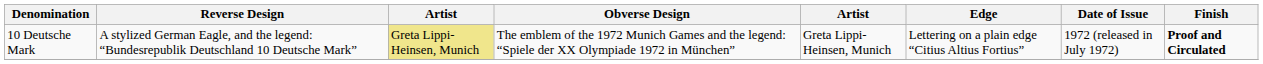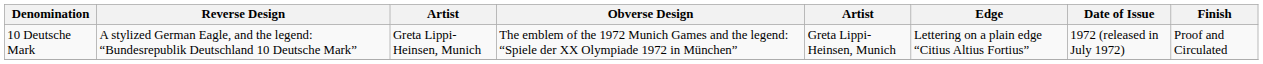 <table class="wikitable">
 <tr>
 <th>Denomination</th>
 <th>Reverse Design</th>
 <th>Artist</th>
 <th>Obverse Design</th>
 <th>Artist</th>
 <th>Edge</th>
 <th>Date of Issue</th>
 <th>Finish</th>
 </tr>
 <tr>
 <td>10 Deutsche Mark</td>
 <td>A stylized German Eagle, and the legend: “Bundesrepublik Deutschland 10 Deutsche Mark”</td>
-<td style="background: khaki;">Greta Lippi-Heinsen, Munich</td>
+<td>Greta Lippi-Heinsen, Munich</td>
 <td>The emblem of the 1972 Munich Games and the legend: “Spiele der XX Olympiade 1972 in München”</td>
 <td>Greta Lippi-Heinsen, Munich</td>
 <td>Lettering on a plain edge “Citius Altius Fortius”</td>
 <td>1972 (released in July 1972)</td>
-<td><strong>Proof and Circulated</strong></td>
+<td>Proof and Circulated</td>
 </tr>
 <tr>
 </tr>
 </table>
